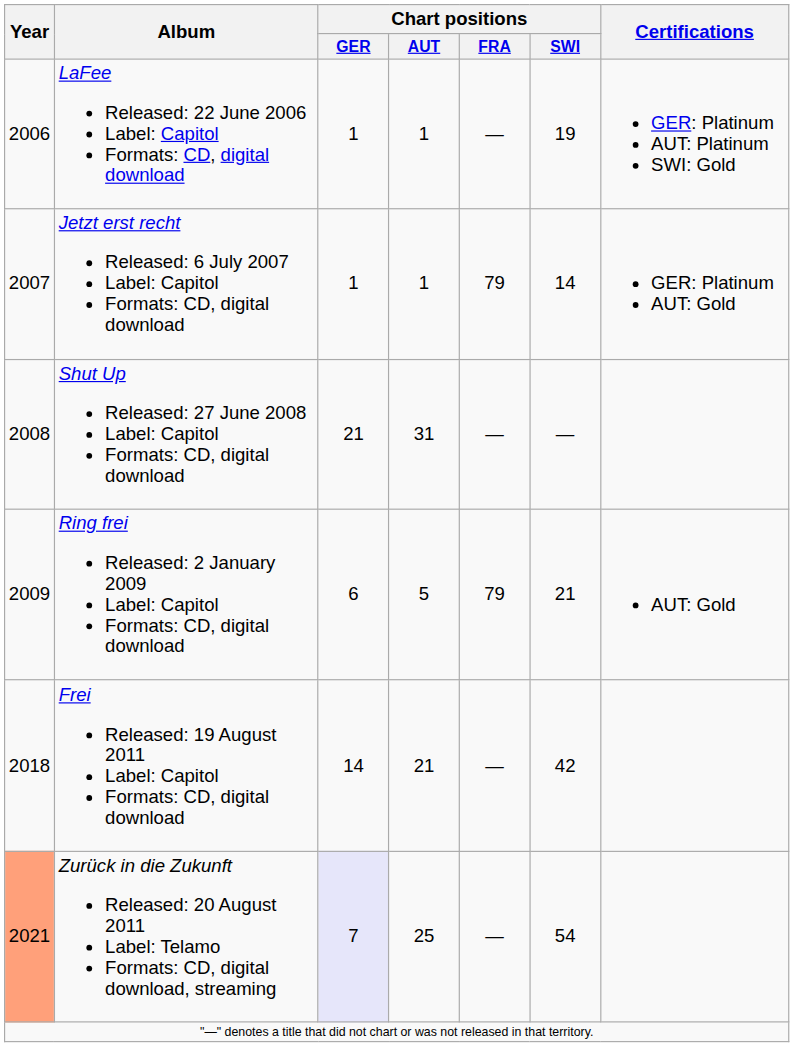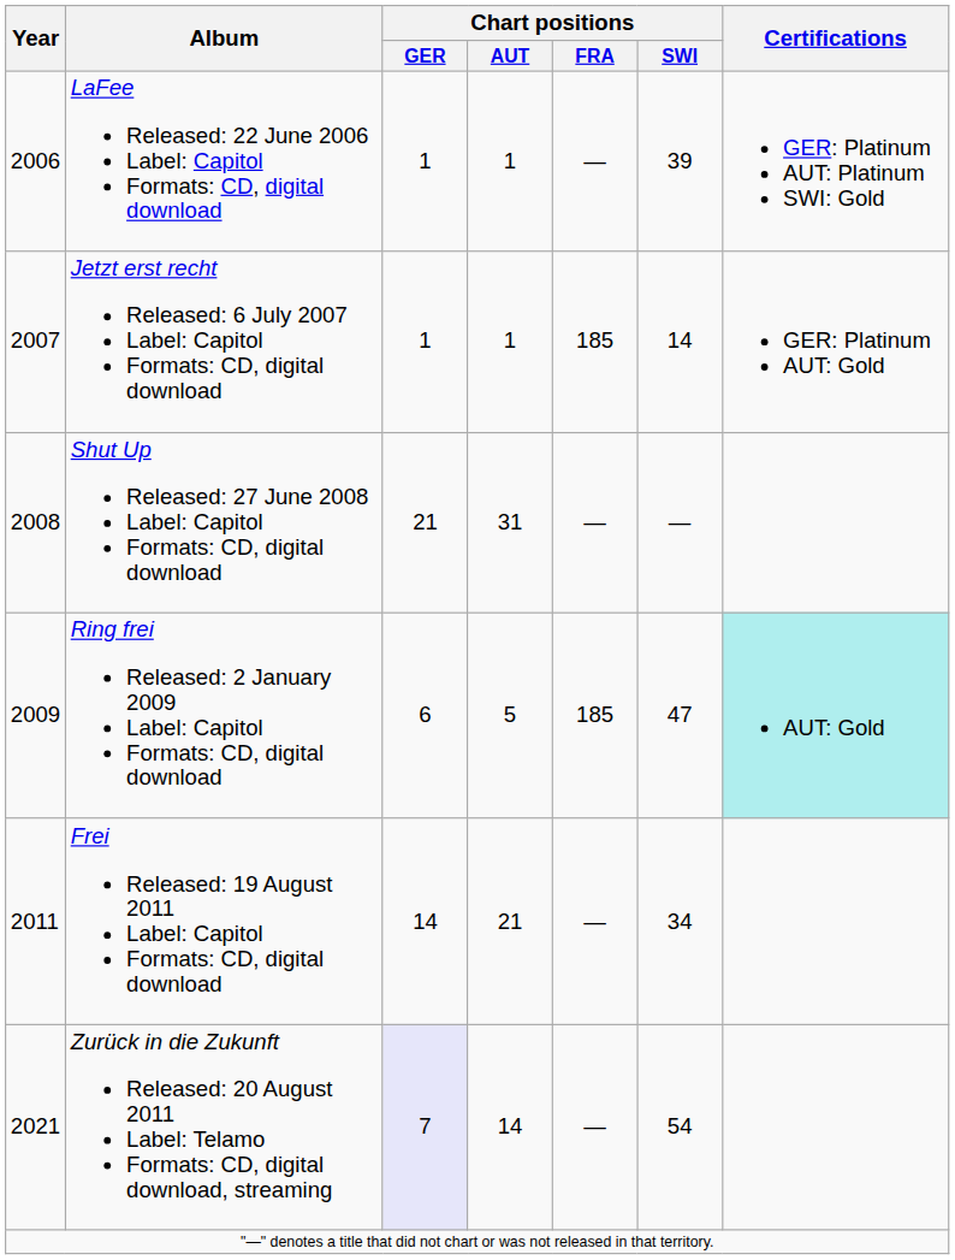 <table class="wikitable">
 <tr>
 <th width="20" rowspan="2">Year</th>
 <th width="220" rowspan="2">Album</th>
 <th colspan="4">Chart positions</th>
 <th width="155" rowspan="2"><a href='#'>Certifications</a></th>
 </tr>
 <tr>
 <th style="width:4em;font-size:85%"><a href='#'>GER</a><br></th>
 <th style="width:4em;font-size:85%"><a href='#'>AUT</a><br></th>
 <th style="width:4em;font-size:85%"><a href='#'>FRA</a><br></th>
 <th style="width:4em;font-size:85%"><a href='#'>SWI</a><br></th>
 </tr>
 <tr>
 <td>2006</td>
 <td><em><a href='#'>LaFee</a></em><br><ul><li>Released: 22 June 2006</li><li>Label: <a href='#'>Capitol</a></li><li>Formats: <a href='#'>CD</a>, <a href='#'>digital download</a></li></ul></td>
 <td align="center">1</td>
 <td align="center">1</td>
 <td align="center">—</td>
-<td align="center">19</td>
+<td align="center">39</td>
 <td><br><ul><li><a href='#'>GER</a>: Platinum</li><li>AUT: Platinum</li><li>SWI: Gold</li></ul></td>
 </tr>
 <tr>
 <td>2007</td>
 <td><em><a href='#'>Jetzt erst recht</a></em><br><ul><li>Released: 6 July 2007</li><li>Label: Capitol</li><li>Formats: CD, digital download</li></ul></td>
 <td align="center">1</td>
 <td align="center">1</td>
-<td align="center">79</td>
+<td align="center">185</td>
 <td align="center">14</td>
 <td><br><ul><li>GER: Platinum</li><li>AUT: Gold</li></ul></td>
 </tr>
 <tr>
 <td>2008</td>
 <td><em><a href='#'>Shut Up</a></em><br><ul><li>Released: 27 June 2008</li><li>Label: Capitol</li><li>Formats: CD, digital download</li></ul></td>
 <td align="center">21</td>
 <td align="center">31</td>
 <td align="center">—</td>
 <td align="center">—</td>
 <td align="center"></td>
 </tr>
 <tr>
 <td>2009</td>
 <td><em><a href='#'>Ring frei</a></em><br><ul><li>Released: 2 January 2009</li><li>Label: Capitol</li><li>Formats: CD, digital download</li></ul></td>
 <td align="center">6</td>
 <td align="center">5</td>
-<td align="center">79</td>
-<td align="center">21</td>
-<td><br><ul><li>AUT: Gold</li></ul></td>
+<td align="center">185</td>
+<td align="center">47</td>
+<td style="background: paleturquoise;"><br><ul><li>AUT: Gold</li></ul></td>
 </tr>
 <tr>
-<td>2018</td>
+<td>2011</td>
 <td><em><a href='#'>Frei</a></em><br><ul><li>Released: 19 August 2011</li><li>Label: Capitol</li><li>Formats: CD, digital download</li></ul></td>
 <td align="center">14</td>
 <td align="center">21</td>
 <td align="center">—</td>
-<td align="center">42</td>
+<td align="center">34</td>
 <td></td>
 </tr>
 <tr>
-<td style="background: lightsalmon;">2021</td>
+<td>2021</td>
 <td><em>Zurück in die Zukunft</em><br><ul><li>Released: 20 August 2011</li><li>Label: Telamo</li><li>Formats: CD, digital download, streaming</li></ul></td>
 <td align="center" style="background: lavender;">7</td>
-<td align="center">25</td>
+<td align="center">14</td>
 <td align="center">—</td>
 <td align="center">54</td>
 <td></td>
 </tr>
 <tr>
 <td align="center" colspan="8" style="font-size: 8pt">"—" denotes a title that did not chart or was not released in that territory.</td>
 </tr>
 </table>
